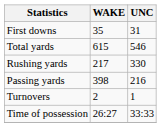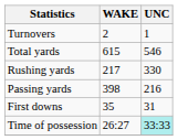 <table class="wikitable" style="float: left;">
 <tr>
 <th>Statistics</th>
 <th>WAKE</th>
 <th>UNC</th>
 </tr>
 <tr>
-<td>First downs</td>
-<td>35</td>
-<td>31</td>
+<td>Turnovers</td>
+<td>2</td>
+<td>1</td>
 </tr>
 <tr>
 <td>Total yards</td>
 <td>615</td>
 <td>546</td>
 </tr>
 <tr>
 <td>Rushing yards</td>
 <td>217</td>
 <td>330</td>
 </tr>
 <tr>
 <td>Passing yards</td>
 <td>398</td>
 <td>216</td>
 </tr>
 <tr>
-<td>Turnovers</td>
-<td>2</td>
-<td>1</td>
+<td>First downs</td>
+<td>35</td>
+<td>31</td>
 </tr>
 <tr>
 <td>Time of possession</td>
 <td>26:27</td>
-<td>33:33</td>
+<td style="background: paleturquoise;">33:33</td>
 </tr>
 <tr>
 </tr>
 </table>
